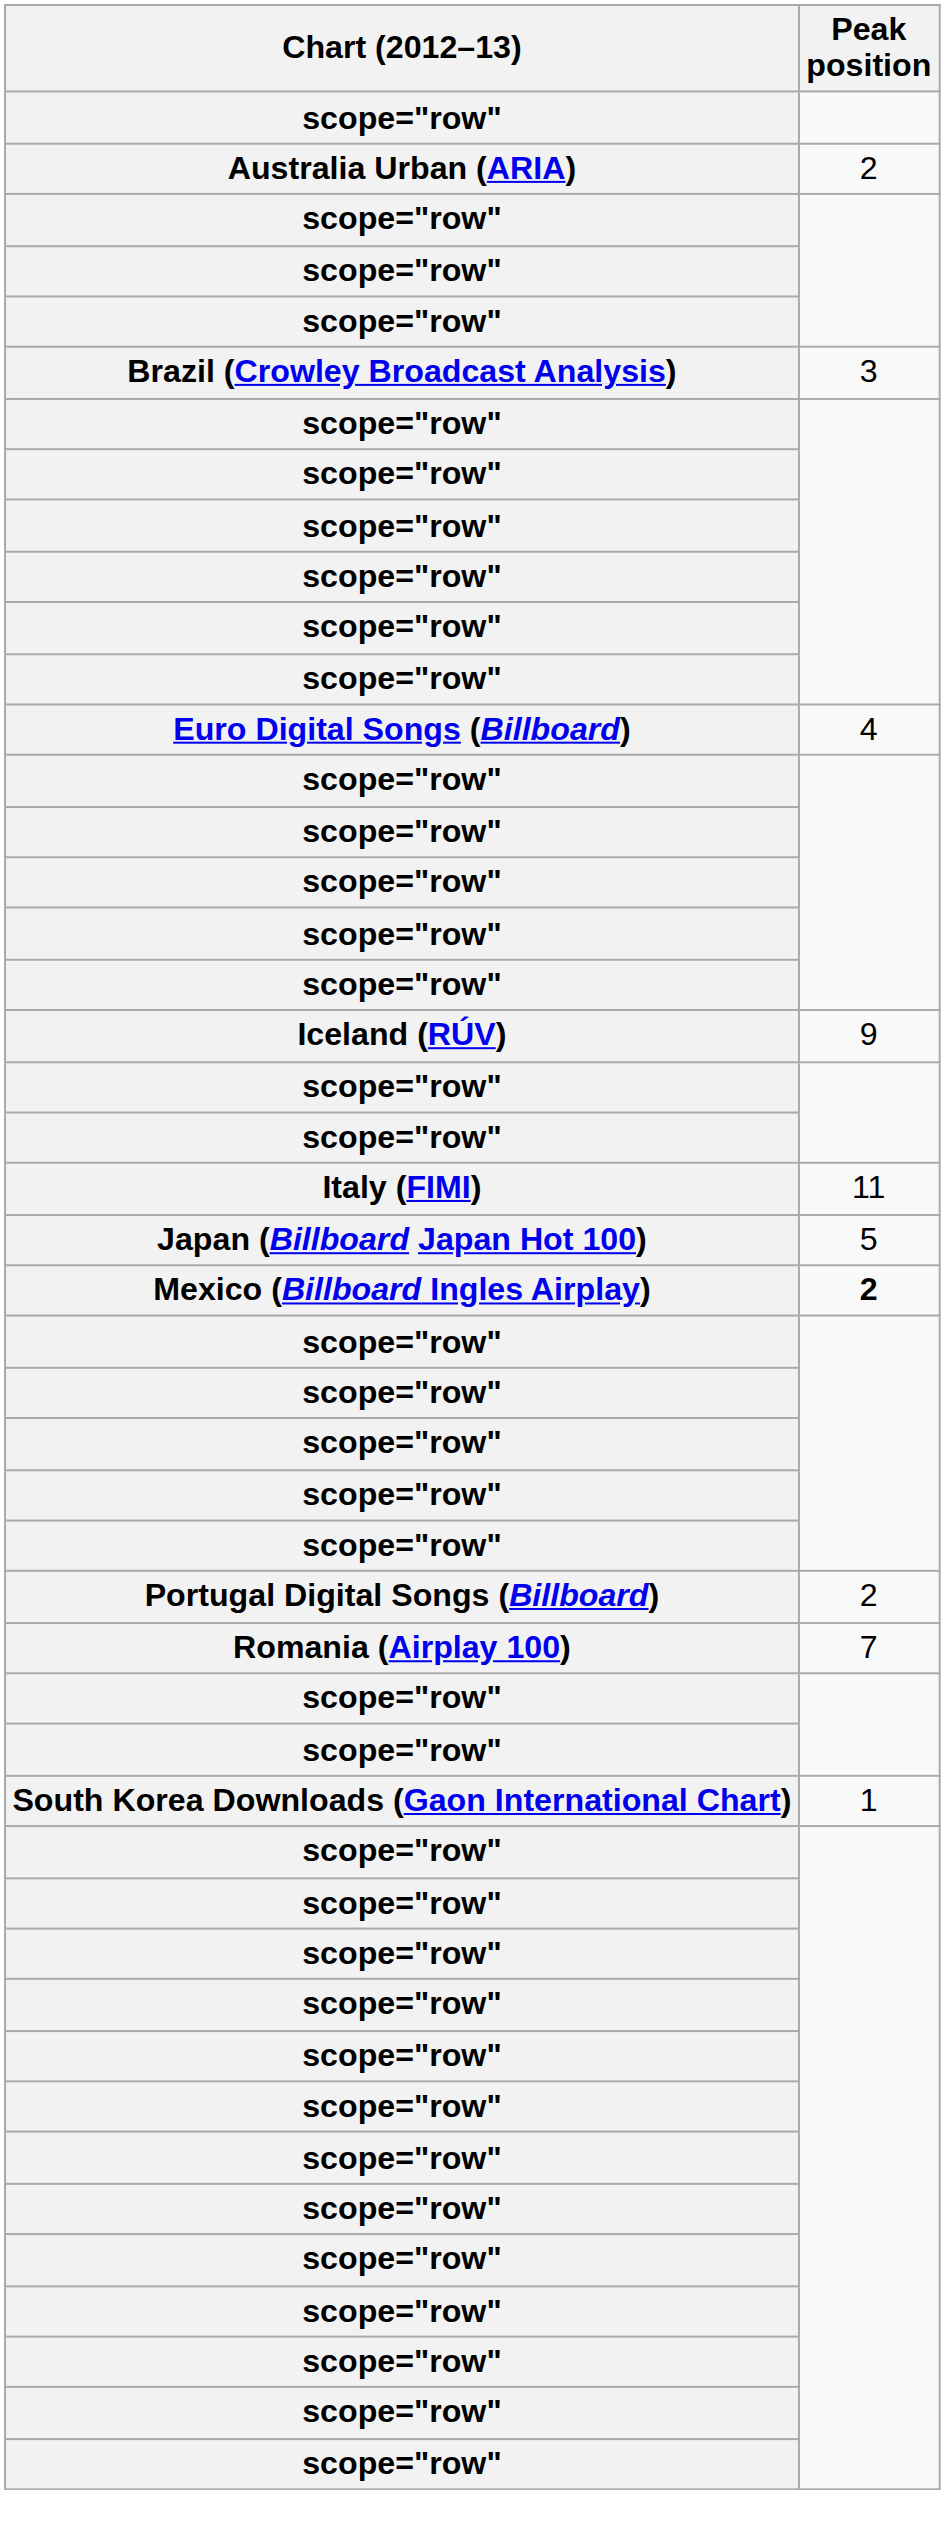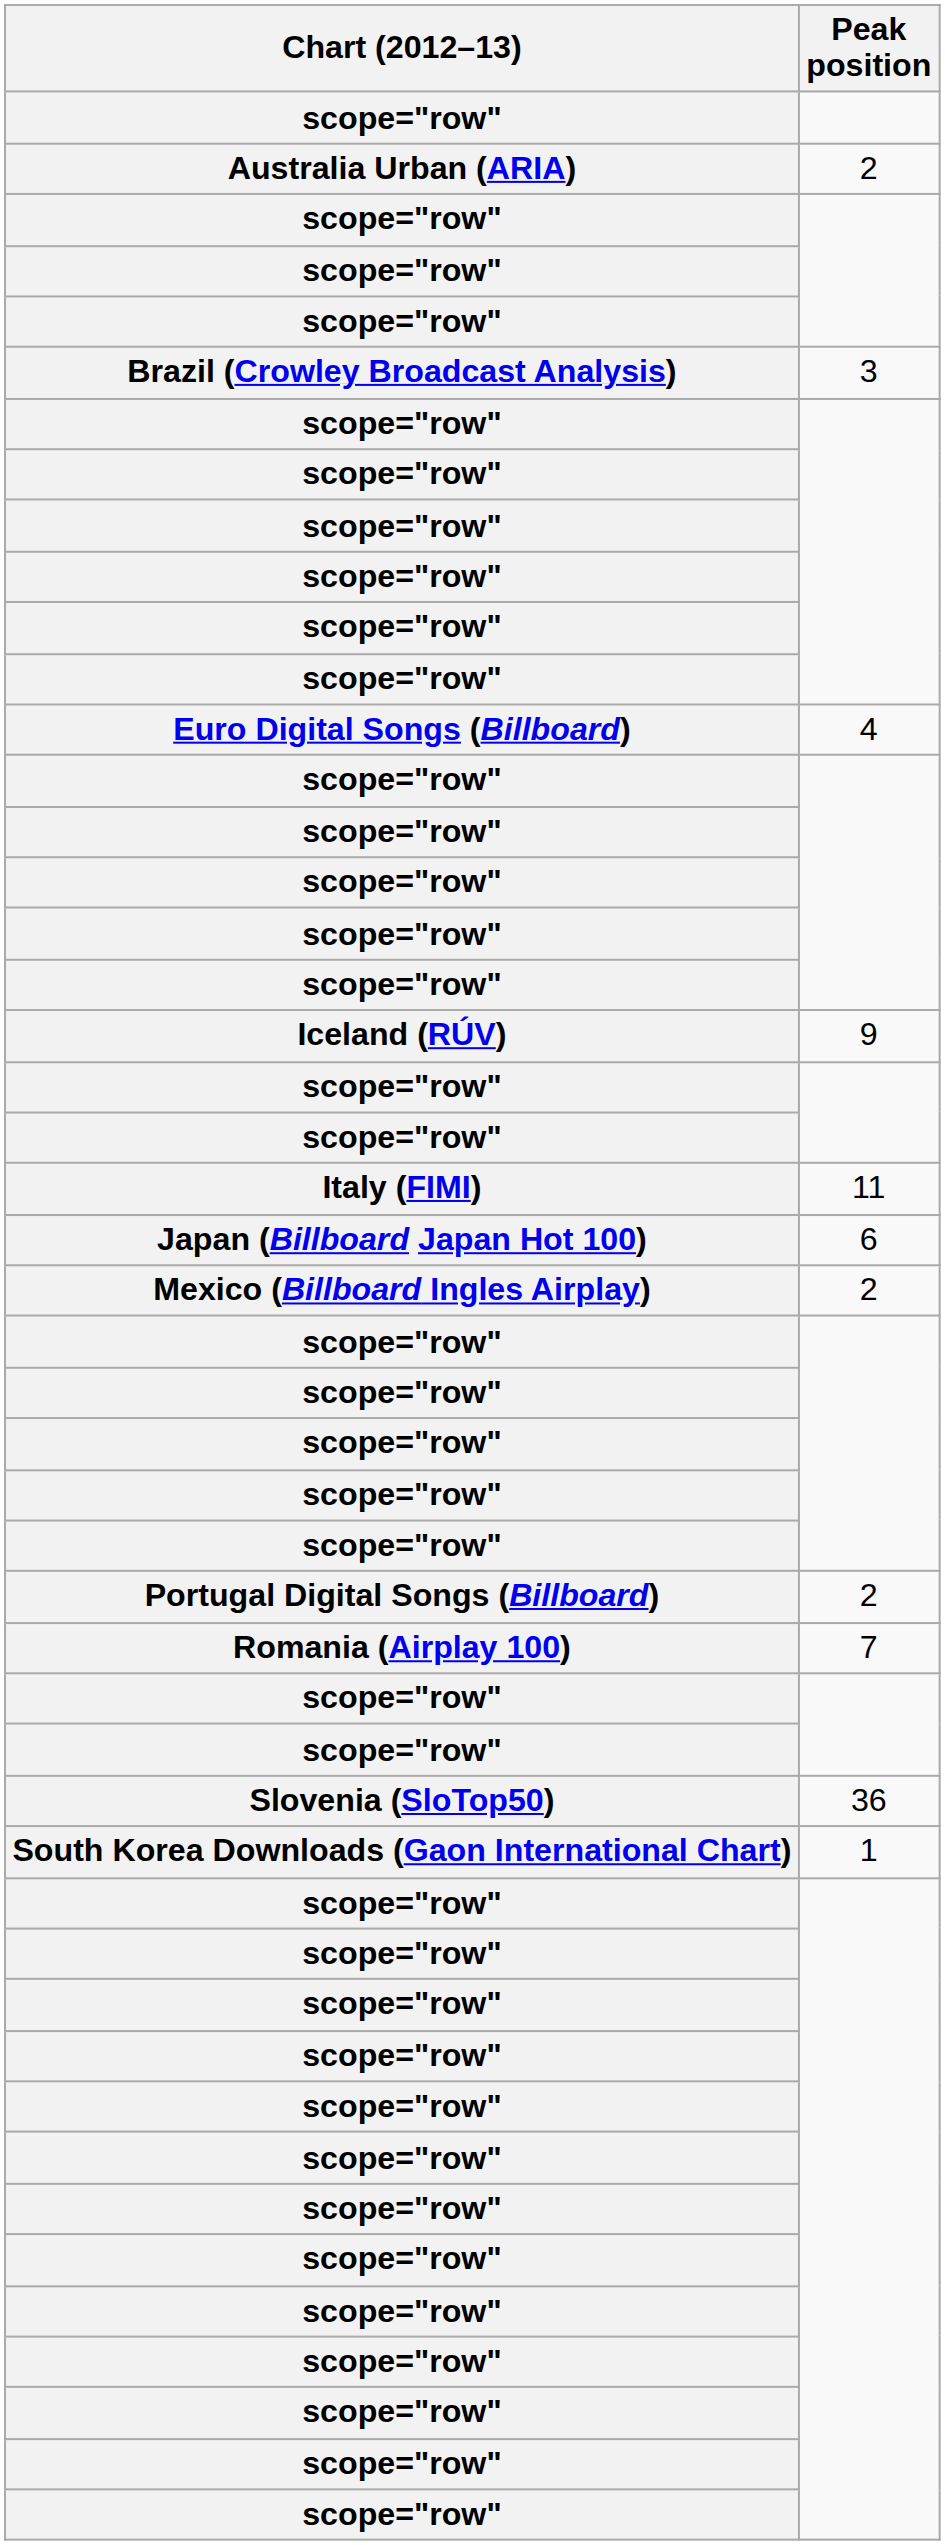 <table class="wikitable sortable plainrowheaders">
 <tr>
 <th scope="col">Chart (2012–13)</th>
 <th scope="col">Peak <br> position</th>
 </tr>
 <tr>
 <th>scope="row" </th>
 </tr>
 <tr>
 <th scope="row">Australia Urban (<a href='#'>ARIA</a>)</th>
 <td style="text-align:center;">2</td>
 </tr>
 <tr>
 <th>scope="row" </th>
 </tr>
 <tr>
 <th>scope="row" </th>
 </tr>
 <tr>
 <th>scope="row" </th>
 </tr>
 <tr>
 <th scope="row">Brazil (<a href='#'>Crowley Broadcast Analysis</a>)</th>
 <td align="center">3</td>
 </tr>
 <tr>
 <th>scope="row" </th>
 </tr>
 <tr>
 <th>scope="row" </th>
 </tr>
 <tr>
 <th>scope="row"</th>
 </tr>
 <tr>
 <th>scope="row"</th>
 </tr>
 <tr>
 <th>scope="row" </th>
 </tr>
 <tr>
 <th>scope="row" </th>
 </tr>
 <tr>
 <th scope="row"><a href='#'>Euro Digital Songs</a> (<em><a href='#'>Billboard</a></em>)</th>
 <td align="center">4</td>
 </tr>
 <tr>
 <th>scope="row" </th>
 </tr>
 <tr>
 <th>scope="row" </th>
 </tr>
 <tr>
 <th>scope="row" </th>
 </tr>
 <tr>
 <th>scope="row" </th>
 </tr>
 <tr>
 <th>scope="row" </th>
 </tr>
 <tr>
 <th scope="row">Iceland (<a href='#'>RÚV</a>)</th>
 <td style="text-align:center;">9</td>
 </tr>
 <tr>
 <th>scope="row" </th>
 </tr>
 <tr>
 <th>scope="row" </th>
 </tr>
 <tr>
 <th scope="row">Italy (<a href='#'>FIMI</a>)</th>
 <td style="text-align:center;">11</td>
 </tr>
 <tr>
 <th scope="row">Japan (<em><a href='#'>Billboard</a></em> <a href='#'>Japan Hot 100</a>)</th>
-<td style="text-align:center;">5</td>
+<td style="text-align:center;">6</td>
 </tr>
 <tr>
 <th scope="row">Mexico (<a href='#'><em>Billboard</em> Ingles Airplay</a>)</th>
-<td style="text-align:center;"><strong>2</strong></td>
+<td style="text-align:center;">2</td>
 </tr>
 <tr>
 <th>scope="row" </th>
 </tr>
 <tr>
 <th>scope="row" </th>
 </tr>
 <tr>
 <th>scope="row" </th>
 </tr>
 <tr>
 <th>scope="row" </th>
 </tr>
 <tr>
 <th>scope="row" </th>
 </tr>
 <tr>
 <th scope="row">Portugal Digital Songs (<em><a href='#'>Billboard</a></em>)</th>
 <td style="text-align:center;">2</td>
 </tr>
 <tr>
 <th scope="row">Romania (<a href='#'>Airplay 100</a>)</th>
 <td style="text-align:center;">7</td>
 </tr>
 <tr>
 <th>scope="row" </th>
 </tr>
 <tr>
 <th>scope="row" </th>
+</tr>
+<tr>
+<th scope="row">Slovenia (<a href='#'>SloTop50</a>)</th>
+<td align=center>36</td>
 </tr>
 <tr>
 <th scope="row">South Korea Downloads (<a href='#'>Gaon International Chart</a>)</th>
 <td style="text-align:center;">1</td>
 </tr>
 <tr>
 <th>scope="row" </th>
 </tr>
 <tr>
 <th>scope="row" </th>
 </tr>
 <tr>
 <th>scope="row" </th>
 </tr>
 <tr>
 <th>scope="row" </th>
 </tr>
 <tr>
 <th>scope="row" </th>
 </tr>
 <tr>
 <th>scope="row" </th>
 </tr>
 <tr>
 <th>scope="row" </th>
 </tr>
 <tr>
 <th>scope="row" </th>
 </tr>
 <tr>
 <th>scope="row" </th>
 </tr>
 <tr>
 <th>scope="row" </th>
 </tr>
 <tr>
 <th>scope="row" </th>
 </tr>
 <tr>
 <th>scope="row" </th>
 </tr>
 <tr>
 <th>scope="row" </th>
 </tr>
 </table>
